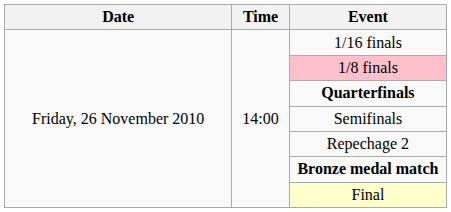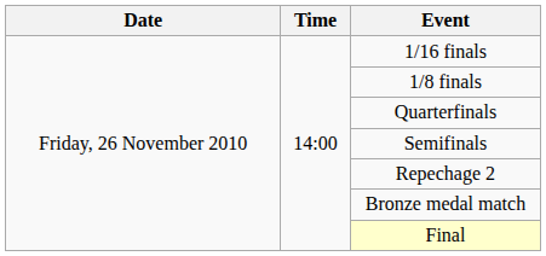 <table class = "wikitable" style="text-align:center;">
 <tr>
 <th width=220>Date</th>
 <th width=50>Time</th>
 <th width=150>Event</th>
 </tr>
 <tr>
 <td rowspan=7>Friday, 26 November 2010</td>
 <td rowspan=7>14:00</td>
 <td>1/16 finals</td>
 </tr>
 <tr>
-<td style="background: pink;">1/8 finals</td>
+<td>1/8 finals</td>
 </tr>
 <tr>
-<td><strong>Quarterfinals</strong></td>
+<td>Quarterfinals</td>
 </tr>
 <tr>
 <td>Semifinals</td>
 </tr>
 <tr>
 <td>Repechage 2</td>
 </tr>
 <tr>
-<td><strong>Bronze medal match</strong></td>
+<td>Bronze medal match</td>
 </tr>
 <tr>
 <td bgcolor=ffffcc>Final</td>
 </tr>
 </table>
